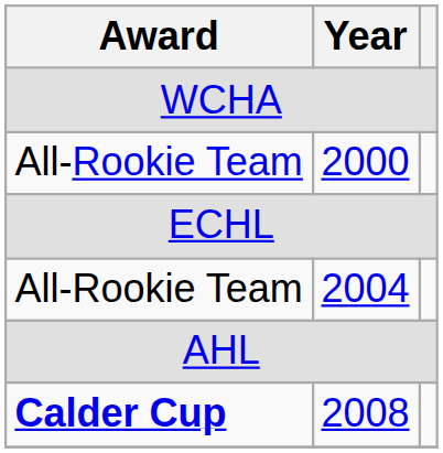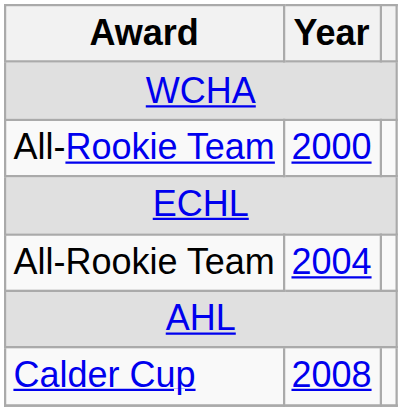 <table class="wikitable">
 <tr>
 <th>Award</th>
 <th>Year</th>
 <th></th>
 </tr>
 <tr ALIGN="center" bgcolor="#e0e0e0">
 <td colspan="3"><a href='#'>WCHA</a></td>
 </tr>
 <tr>
 <td>All-<a href='#'>Rookie Team</a></td>
 <td><a href='#'>2000</a></td>
 <td></td>
 </tr>
 <tr ALIGN="center" bgcolor="#e0e0e0">
 <td colspan="3"><a href='#'>ECHL</a></td>
 </tr>
 <tr>
 <td>All-Rookie Team</td>
 <td><a href='#'>2004</a></td>
 <td></td>
 </tr>
 <tr ALIGN="center" bgcolor="#e0e0e0">
 <td colspan="3"><a href='#'>AHL</a></td>
 </tr>
 <tr>
-<td><strong><a href='#'>Calder Cup</a></strong></td>
+<td><a href='#'>Calder Cup</a></td>
 <td><a href='#'>2008</a></td>
 <td></td>
 </tr>
 <tr>
 </tr>
 </table>
